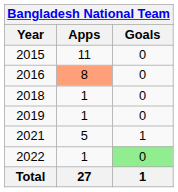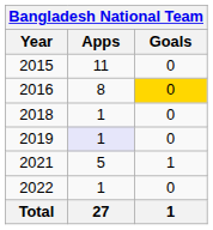 <table class="wikitable" style="text-align:center">
 <tr>
 <th colspan=3><a href='#'>Bangladesh National Team</a></th>
 </tr>
 <tr>
 <th>Year</th>
 <th>Apps</th>
 <th>Goals</th>
 </tr>
 <tr>
 <td>2015</td>
 <td>11</td>
 <td>0</td>
 </tr>
 <tr>
 <td>2016</td>
-<td style="background: lightsalmon;">8</td>
-<td>0</td>
+<td>8</td>
+<td style="background: gold;">0</td>
 </tr>
 <tr>
 <td>2018</td>
 <td>1</td>
 <td>0</td>
 </tr>
 <tr>
 <td>2019</td>
-<td>1</td>
+<td style="background: lavender;">1</td>
 <td>0</td>
 </tr>
 <tr>
 <td>2021</td>
 <td>5</td>
 <td>1</td>
 </tr>
 <tr>
 <td>2022</td>
 <td>1</td>
-<td style="background: lightgreen;">0</td>
+<td>0</td>
 </tr>
 <tr>
 <th colspan=1>Total</th>
 <th>27</th>
 <th>1</th>
 </tr>
 </table>
